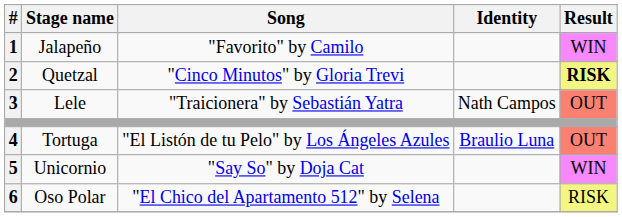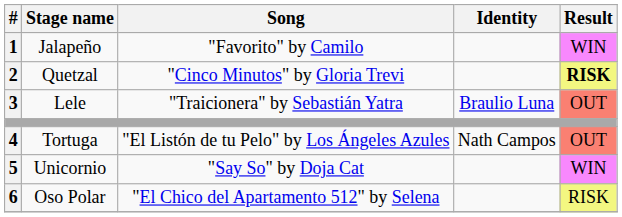 <table class="wikitable plainrowheaders" style="text-align: center;">
 <tr>
 <th>#</th>
 <th>Stage name</th>
 <th>Song</th>
 <th>Identity</th>
 <th>Result</th>
 </tr>
 <tr>
 <th>1</th>
 <td>Jalapeño</td>
 <td>"Favorito" by <a href='#'>Camilo</a></td>
 <td></td>
 <td bgcolor=#F888FD>WIN</td>
 </tr>
 <tr>
 <th>2</th>
 <td>Quetzal</td>
 <td>"<a href='#'>Cinco Minutos</a>" by <a href='#'>Gloria Trevi</a></td>
 <td></td>
 <td bgcolor=#F3F781><strong>RISK</strong></td>
 </tr>
 <tr>
 <th>3</th>
 <td>Lele</td>
 <td>"Traicionera" by <a href='#'>Sebastián Yatra</a></td>
-<td>Nath Campos</td>
+<td><a href='#'>Braulio Luna</a></td>
 <td bgcolor=salmon>OUT</td>
 </tr>
 <tr>
 <td colspan="5" style="background:darkgray"></td>
 </tr>
 <tr>
 <th>4</th>
 <td>Tortuga</td>
 <td>"El Listón de tu Pelo" by <a href='#'>Los Ángeles Azules</a></td>
-<td><a href='#'>Braulio Luna</a></td>
+<td>Nath Campos</td>
 <td bgcolor=salmon>OUT</td>
 </tr>
 <tr>
 <th>5</th>
 <td>Unicornio</td>
 <td>"<a href='#'>Say So</a>" by <a href='#'>Doja Cat</a></td>
 <td></td>
 <td bgcolor=#F888FD>WIN</td>
 </tr>
 <tr>
 <th>6</th>
 <td>Oso Polar</td>
 <td>"<a href='#'>El Chico del Apartamento 512</a>" by <a href='#'>Selena</a></td>
 <td></td>
 <td bgcolor=#F3F781>RISK</td>
 </tr>
 <tr>
 </tr>
 </table>
